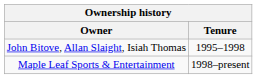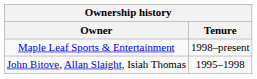 <table class="wikitable" style="text-align:center">
 <tr>
 <th colspan="2">Ownership history</th>
 </tr>
 <tr>
 <th>Owner</th>
 <th>Tenure</th>
 </tr>
 <tr>
+<td><a href='#'>Maple Leaf Sports & Entertainment</a></td>
+<td>1998–present</td>
+</tr>
+<tr>
 <td><a href='#'>John Bitove</a>, <a href='#'>Allan Slaight</a>, Isiah Thomas</td>
 <td>1995–1998</td>
 </tr>
-<tr>
-<td><a href='#'>Maple Leaf Sports & Entertainment</a></td>
-<td>1998–present</td>
-</tr>
 </table>
